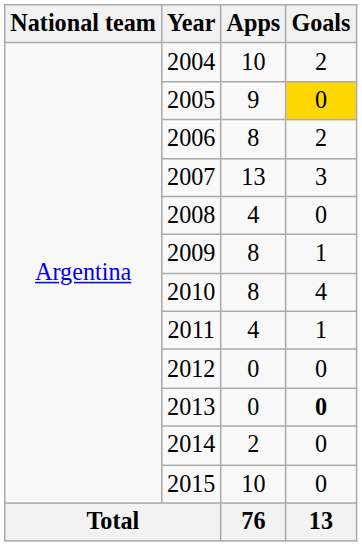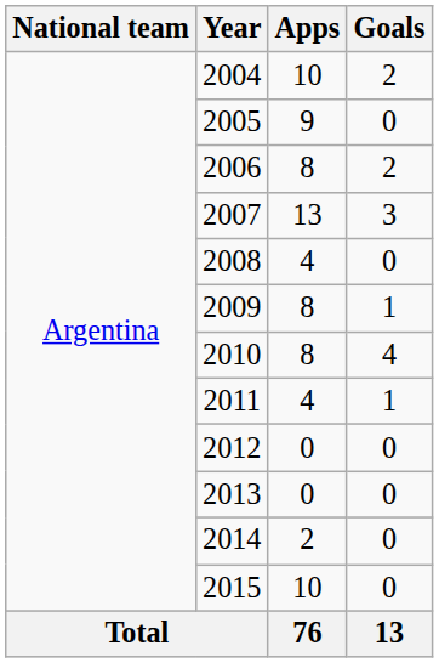 <table class="wikitable" style="text-align:center">
 <tr>
 <th>National team</th>
 <th>Year</th>
 <th>Apps</th>
 <th>Goals</th>
 </tr>
 <tr>
 <td rowspan="12"><a href='#'>Argentina</a></td>
 <td>2004</td>
 <td>10</td>
 <td>2</td>
 </tr>
 <tr>
 <td>2005</td>
 <td>9</td>
-<td style="background: gold;">0</td>
+<td>0</td>
 </tr>
 <tr>
 <td>2006</td>
 <td>8</td>
 <td>2</td>
 </tr>
 <tr>
 <td>2007</td>
 <td>13</td>
 <td>3</td>
 </tr>
 <tr>
 <td>2008</td>
 <td>4</td>
 <td>0</td>
 </tr>
 <tr>
 <td>2009</td>
 <td>8</td>
 <td>1</td>
 </tr>
 <tr>
 <td>2010</td>
 <td>8</td>
 <td>4</td>
 </tr>
 <tr>
 <td>2011</td>
 <td>4</td>
 <td>1</td>
 </tr>
 <tr>
 <td>2012</td>
 <td>0</td>
 <td>0</td>
 </tr>
 <tr>
 <td>2013</td>
 <td>0</td>
-<td><strong>0</strong></td>
+<td>0</td>
 </tr>
 <tr>
 <td>2014</td>
 <td>2</td>
 <td>0</td>
 </tr>
 <tr>
 <td>2015</td>
 <td>10</td>
 <td>0</td>
 </tr>
 <tr>
 <th colspan="2">Total</th>
 <th>76</th>
 <th>13</th>
 </tr>
 </table>
